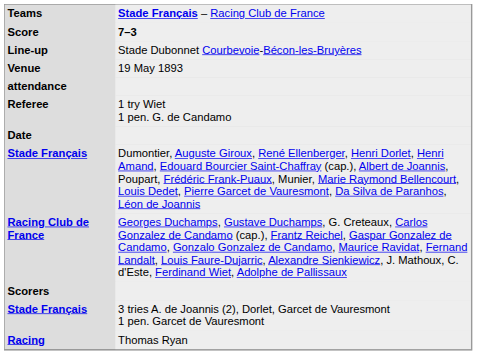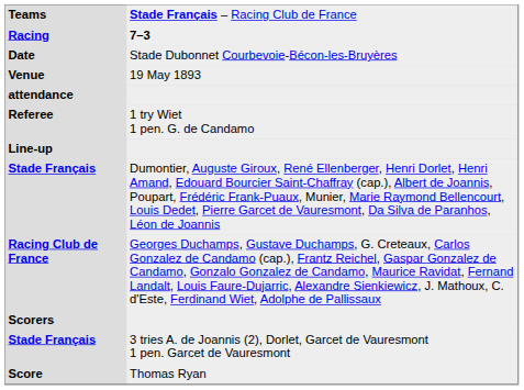 <table align="left" cellpadding="4" cellspacing="0"  style="margin: 0 0 0 0; border: 1px solid #999; border-right-width: 2px; border-bottom-width: 2px; background-color: #DDDDDD">
 <tr>
 <td width="150" valign="top"><strong>Teams</strong></td>
 <td width="500" bgcolor=#EEEEEE><strong><a href='#'>Stade Français</a></strong> – <a href='#'>Racing Club de France</a></td>
 </tr>
 <tr>
-<td valign="top"><strong>Score</strong></td>
+<td valign="top"><strong><a href='#'>Racing</a></strong></td>
 <td bgcolor=#EEEEEE><strong>7–3</strong></td>
 </tr>
 <tr>
-<td valign="top"><strong>Line-up</strong></td>
+<td valign="top"><strong>Date</strong></td>
 <td bgcolor=#EEEEEE>Stade Dubonnet <a href='#'>Courbevoie</a>-<a href='#'>Bécon-les-Bruyères</a></td>
 </tr>
 <tr>
 <td valign="top"><strong>Venue</strong></td>
 <td bgcolor=#EEEEEE>19 May 1893</td>
 </tr>
 <tr>
 <td valign="top"><strong>attendance</strong></td>
 <td bgcolor=#EEEEEE></td>
 </tr>
 <tr>
 <td valign="top"><strong>Referee</strong></td>
 <td bgcolor=#EEEEEE>1 try Wiet<br>1 pen. G. de Candamo</td>
 </tr>
 <tr>
-<td valign="top"><strong>Date</strong></td>
+<td valign="top"><strong>Line-up</strong></td>
 <td bgcolor=#EEEEEE></td>
 </tr>
 <tr>
 <td valign="top"><strong><a href='#'>Stade Français</a>  </strong></td>
 <td bgcolor=#EEEEEE>Dumontier, <a href='#'>Auguste Giroux</a>, <a href='#'>René Ellenberger</a>, <a href='#'>Henri Dorlet</a>, <a href='#'>Henri Amand</a>, <a href='#'>Edouard Bourcier Saint-Chaffray</a> (cap.), <a href='#'>Albert de Joannis</a>, Poupart, <a href='#'>Frédéric Frank-Puaux</a>, Munier, <a href='#'>Marie Raymond Bellencourt</a>, <a href='#'>Louis Dedet</a>, <a href='#'>Pierre Garcet de Vauresmont</a>, <a href='#'>Da Silva de Paranhos</a>, <a href='#'>Léon de Joannis</a></td>
 </tr>
 <tr>
 <td valign="top"><strong><a href='#'>Racing Club de France</a></strong></td>
 <td bgcolor=#EEEEEE><a href='#'>Georges Duchamps</a>, <a href='#'>Gustave Duchamps</a>, G. Creteaux, <a href='#'>Carlos Gonzalez de Candamo</a> (cap.), <a href='#'>Frantz Reichel</a>, <a href='#'>Gaspar Gonzalez de Candamo</a>, <a href='#'>Gonzalo Gonzalez de Candamo</a>, <a href='#'>Maurice Ravidat</a>, <a href='#'>Fernand Landalt</a>, <a href='#'>Louis Faure-Dujarric</a>, <a href='#'>Alexandre Sienkiewicz</a>, J. Mathoux, C. d'Este, <a href='#'>Ferdinand Wiet</a>, <a href='#'>Adolphe de Pallissaux</a></td>
 </tr>
 <tr>
 <td valign="top"><strong>Scorers</strong></td>
 <td bgcolor=#EEEEEE></td>
 </tr>
 <tr>
 <td valign="top"><strong><a href='#'>Stade Français</a>  </strong></td>
 <td bgcolor=#EEEEEE>3 tries A. de Joannis (2), Dorlet, Garcet de Vauresmont<br>1 pen. Garcet de Vauresmont</td>
 </tr>
 <tr>
-<td valign="top"><strong><a href='#'>Racing</a></strong></td>
+<td valign="top"><strong>Score</strong></td>
 <td bgcolor=#EEEEEE>Thomas Ryan </td>
 </tr>
 </table>
